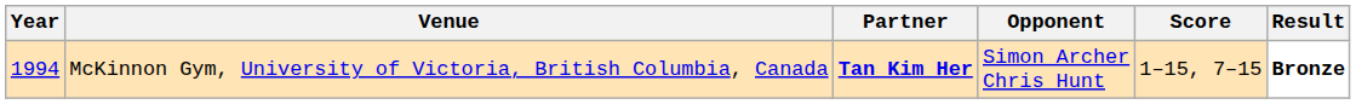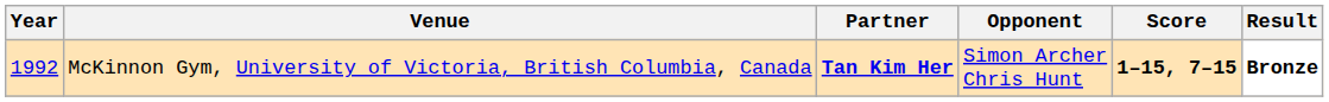 <table class="sortable wikitable" style="font-size: 90%;">
 <tr>
 <th>Year</th>
 <th>Venue</th>
 <th>Partner</th>
 <th>Opponent</th>
 <th>Score</th>
 <th>Result</th>
 </tr>
 <tr style="background:#FFE4B5">
-<td align="center"><a href='#'>1994</a></td>
+<td align="center"><a href='#'>1992</a></td>
 <td align="left">McKinnon Gym, <a href='#'>University of Victoria</a><a href='#'>, British Columbia</a>, <a href='#'>Canada</a></td>
 <td align="left"><strong> <a href='#'>Tan Kim Her</a></strong></td>
 <td align="left"> <a href='#'>Simon Archer</a><br> <a href='#'>Chris Hunt</a></td>
-<td align="left">1–15, 7–15</td>
+<td align="left"><strong>1–15, 7–15</strong></td>
 <td style="text-align:left; background:white"> <strong>Bronze</strong></td>
 </tr>
 </table>
